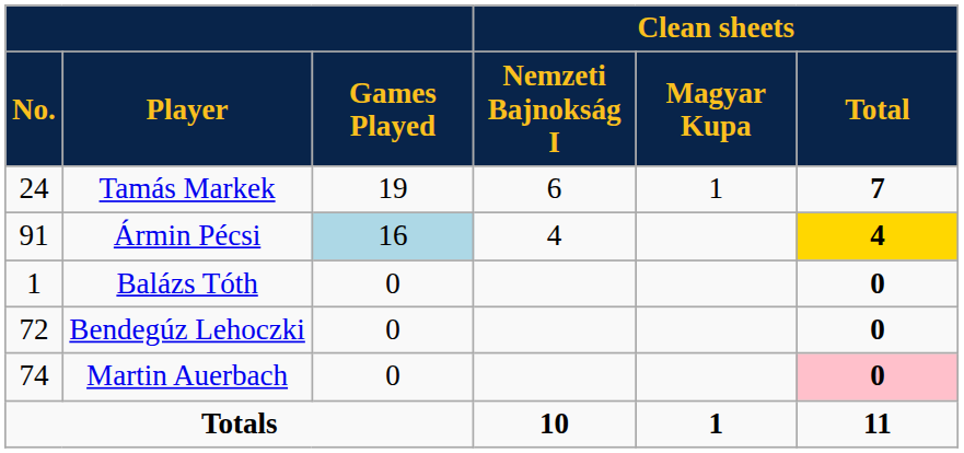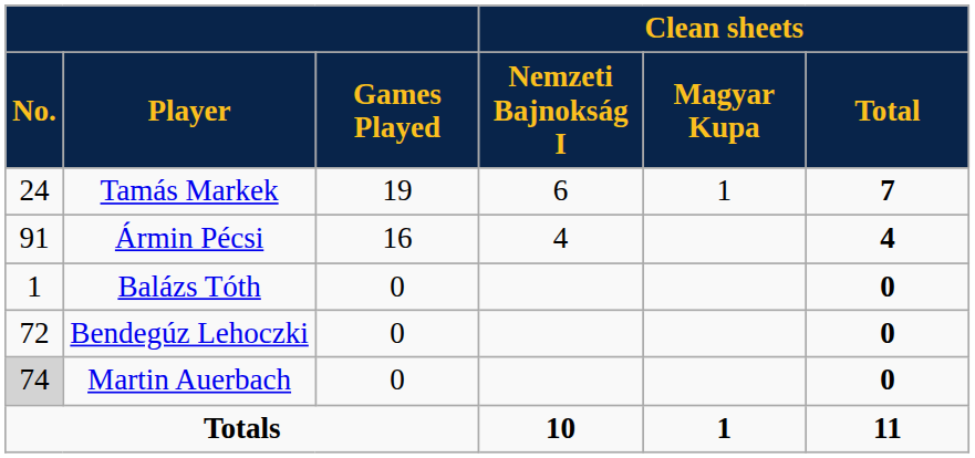 <table class="wikitable sortable alternance" style="text-align:center">
 <tr>
 <th colspan="3" style="background:#08244A"></th>
 <th colspan="3" style="background:#08244A;color:#FBC01E">Clean sheets</th>
 </tr>
 <tr>
 <th style="background-color:#08244A;color:#FBC01E">No.</th>
 <th style="background-color:#08244A;color:#FBC01E">Player</th>
 <th width=80 style="background-color:#08244A;color:#FBC01E">Games Played</th>
 <th width=80 style="background-color:#08244A;color:#FBC01E">Nemzeti Bajnokság I</th>
 <th width=80 style="background-color:#08244A;color:#FBC01E">Magyar Kupa</th>
 <th width=80 style="background-color:#08244A;color:#FBC01E">Total</th>
 </tr>
 <tr>
 <td>24</td>
 <td> <a href='#'>Tamás Markek</a></td>
 <td>19</td>
 <td>6</td>
 <td>1</td>
 <td><strong>7</strong></td>
 </tr>
 <tr>
 <td>91</td>
 <td> <a href='#'>Ármin Pécsi</a></td>
-<td style="background: lightblue;">16</td>
+<td>16</td>
 <td>4</td>
 <td></td>
-<td style="background: gold;"><strong>4</strong></td>
+<td><strong>4</strong></td>
 </tr>
 <tr>
 <td>1</td>
 <td> <a href='#'>Balázs Tóth</a></td>
 <td>0</td>
 <td></td>
 <td></td>
 <td><strong>0</strong></td>
 </tr>
 <tr>
 <td>72</td>
 <td> <a href='#'>Bendegúz Lehoczki</a></td>
 <td>0</td>
 <td></td>
 <td></td>
 <td><strong>0</strong></td>
 </tr>
 <tr>
-<td>74</td>
+<td style="background: lightgrey;">74</td>
 <td> <a href='#'>Martin Auerbach</a></td>
 <td>0</td>
 <td></td>
 <td></td>
-<td style="background: pink;"><strong>0</strong></td>
+<td><strong>0</strong></td>
 </tr>
 <tr class="sortbottom">
 <td colspan="3"><strong>Totals</strong></td>
 <td><strong>10</strong></td>
 <td><strong>1</strong></td>
 <td><strong>11</strong></td>
 </tr>
 </table>
